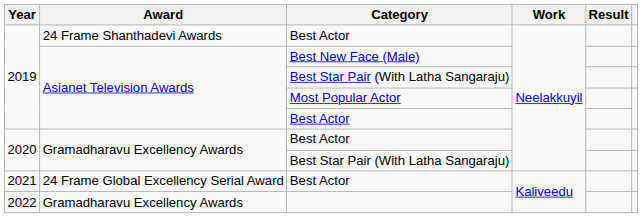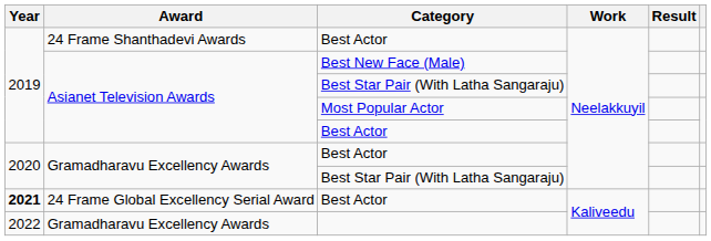 <table class="wikitable sortable">
 <tr>
 <th>Year</th>
 <th>Award</th>
 <th>Category</th>
 <th>Work</th>
 <th>Result</th>
 <th></th>
 </tr>
 <tr>
 <td rowspan=5>2019</td>
 <td>24 Frame Shanthadevi Awards</td>
 <td>Best Actor</td>
 <td rowspan=7><a href='#'>Neelakkuyil</a></td>
 <td></td>
 <td></td>
 </tr>
 <tr>
 <td rowspan=4><a href='#'>Asianet Television Awards</a></td>
 <td><a href='#'>Best New Face (Male)</a></td>
 <td></td>
 <td></td>
 </tr>
 <tr>
 <td><a href='#'>Best Star Pair</a> (With Latha Sangaraju)</td>
 <td></td>
 <td></td>
 </tr>
 <tr>
 <td><a href='#'>Most Popular Actor</a></td>
 <td></td>
 <td rowspan="2"></td>
 </tr>
 <tr>
 <td><a href='#'>Best Actor</a></td>
 <td></td>
 </tr>
 <tr>
 <td rowspan=2>2020</td>
 <td rowspan=2>Gramadharavu Excellency Awards</td>
 <td>Best Actor</td>
 <td></td>
 <td></td>
 </tr>
 <tr>
 <td>Best Star Pair (With Latha Sangaraju)</td>
 <td></td>
 <td></td>
 </tr>
 <tr>
-<td>2021</td>
+<td><strong>2021</strong></td>
 <td>24 Frame Global Excellency Serial Award</td>
 <td>Best Actor</td>
 <td rowspan="2"><a href='#'>Kaliveedu</a></td>
 <td></td>
 <td></td>
 </tr>
 <tr>
 <td>2022</td>
 <td>Gramadharavu Excellency Awards</td>
 <td></td>
 <td></td>
 <td></td>
 </tr>
 </table>
